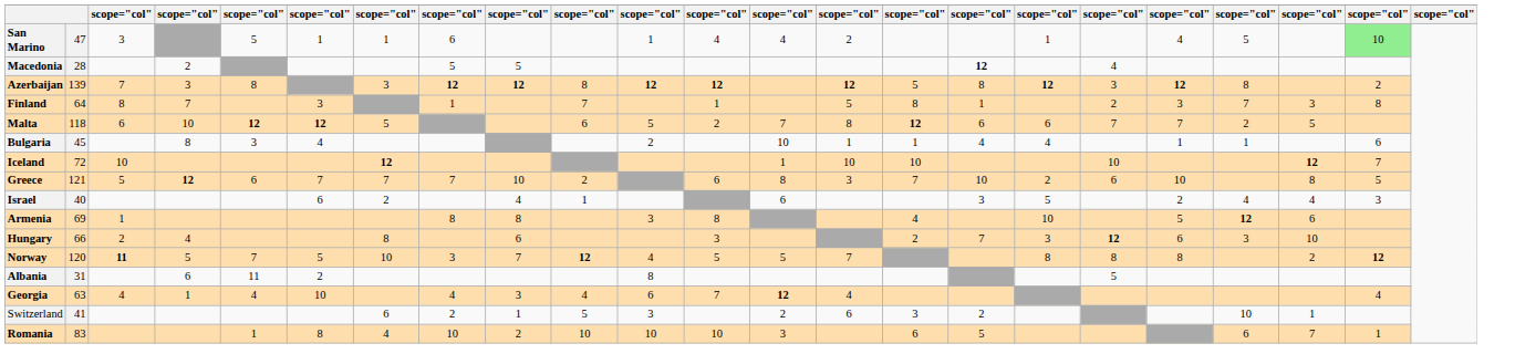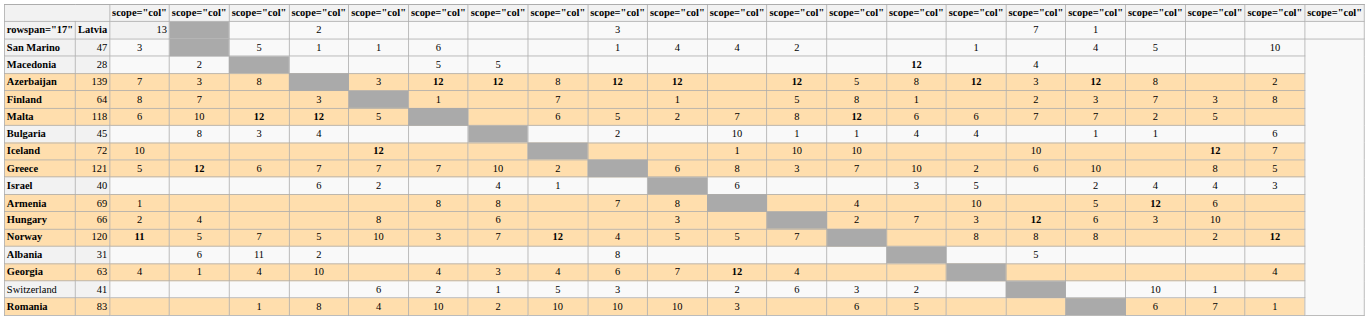 <table class="wikitable plainrowheaders" style="text-align:center; font-size:85%;">
 <tr>
 </tr>
 <tr>
 <th colspan="2"></th>
 <th>scope="col" </th>
 <th>scope="col" </th>
 <th>scope="col" </th>
 <th>scope="col" </th>
 <th>scope="col" </th>
 <th>scope="col" </th>
 <th>scope="col" </th>
 <th>scope="col" </th>
 <th>scope="col" </th>
 <th>scope="col" </th>
 <th>scope="col" </th>
 <th>scope="col" </th>
 <th>scope="col" </th>
 <th>scope="col" </th>
 <th>scope="col" </th>
 <th>scope="col" </th>
 <th>scope="col" </th>
 <th>scope="col" </th>
 <th>scope="col" </th>
 <th>scope="col" </th>
 <th>scope="col" </th>
 </tr>
 <tr>
+<th>rowspan="17" </th>
+<th scope="row" style="text-align:left; background:#f2f2f2;">Latvia</th>
+<td style="text-align:right; background:#f2f2f2;">13</td>
+<td style="text-align:left; background:#aaa;"></td>
+<td></td>
+<td>2</td>
+<td></td>
+<td></td>
+<td></td>
+<td></td>
+<td>3</td>
+<td></td>
+<td></td>
+<td></td>
+<td></td>
+<td></td>
+<td></td>
+<td>7</td>
+<td>1</td>
+<td></td>
+<td></td>
+<td></td>
+<td></td>
+</tr>
+<tr>
 <th scope="row" style="text-align:left; background:#f2f2f2;">San Marino</th>
 <td style="text-align:right; background:#f2f2f2;">47</td>
 <td>3</td>
 <td style="text-align:left; background:#aaa;"></td>
 <td>5</td>
 <td>1</td>
 <td>1</td>
 <td>6</td>
 <td></td>
 <td></td>
 <td>1</td>
 <td>4</td>
 <td>4</td>
 <td>2</td>
 <td></td>
 <td></td>
 <td>1</td>
 <td></td>
 <td>4</td>
 <td>5</td>
 <td></td>
-<td style="background: lightgreen;">10</td>
+<td>10</td>
 </tr>
 <tr>
 <th scope="row" style="text-align:left; background:#f2f2f2;">Macedonia</th>
 <td style="text-align:right; background:#f2f2f2;">28</td>
 <td></td>
 <td>2</td>
 <td style="text-align:left; background:#aaa;"></td>
 <td></td>
 <td></td>
 <td>5</td>
 <td>5</td>
 <td></td>
 <td></td>
 <td></td>
 <td></td>
 <td></td>
 <td></td>
 <td><strong>12</strong></td>
 <td></td>
 <td>4</td>
 <td></td>
 <td></td>
 <td></td>
 <td></td>
 </tr>
 <tr style="background:#ffdead;">
 <th scope="row" style="text-align:left; font-weight:bold; background:#ffdead;">Azerbaijan</th>
 <td style="text-align:right;">139</td>
 <td>7</td>
 <td>3</td>
 <td>8</td>
 <td style="text-align:left; background:#aaa;"></td>
 <td>3</td>
 <td><strong>12</strong></td>
 <td><strong>12</strong></td>
 <td>8</td>
 <td><strong>12</strong></td>
 <td><strong>12</strong></td>
 <td></td>
 <td><strong>12</strong></td>
 <td>5</td>
 <td>8</td>
 <td><strong>12</strong></td>
 <td>3</td>
 <td><strong>12</strong></td>
 <td>8</td>
 <td></td>
 <td>2</td>
 </tr>
 <tr style="background:#ffdead;">
 <th scope="row" style="text-align:left; font-weight:bold; background:#ffdead;">Finland</th>
 <td style="text-align:right;">64</td>
 <td>8</td>
 <td>7</td>
 <td></td>
 <td>3</td>
 <td style="text-align:left; background:#aaa;"></td>
 <td>1</td>
 <td></td>
 <td>7</td>
 <td></td>
 <td>1</td>
 <td></td>
 <td>5</td>
 <td>8</td>
 <td>1</td>
 <td></td>
 <td>2</td>
 <td>3</td>
 <td>7</td>
 <td>3</td>
 <td>8</td>
 </tr>
 <tr style="background:#ffdead;">
 <th scope="row" style="text-align:left; font-weight:bold; background:#ffdead;">Malta</th>
 <td style="text-align:right;">118</td>
 <td>6</td>
 <td>10</td>
 <td><strong>12</strong></td>
 <td><strong>12</strong></td>
 <td>5</td>
 <td style="text-align:left; background:#aaa;"></td>
 <td></td>
 <td>6</td>
 <td>5</td>
 <td>2</td>
 <td>7</td>
 <td>8</td>
 <td><strong>12</strong></td>
 <td>6</td>
 <td>6</td>
 <td>7</td>
 <td>7</td>
 <td>2</td>
 <td>5</td>
 <td></td>
 </tr>
 <tr>
 <th scope="row" style="text-align:left; background:#f2f2f2;">Bulgaria</th>
 <td style="text-align:right; background:#f2f2f2;">45</td>
 <td></td>
 <td>8</td>
 <td>3</td>
 <td>4</td>
 <td></td>
 <td></td>
 <td style="text-align:left; background:#aaa;"></td>
 <td></td>
 <td>2</td>
 <td></td>
 <td>10</td>
 <td>1</td>
 <td>1</td>
 <td>4</td>
 <td>4</td>
 <td></td>
 <td>1</td>
 <td>1</td>
 <td></td>
 <td>6</td>
 </tr>
 <tr style="background:#ffdead;">
 <th scope="row" style="text-align:left; font-weight:bold; background:#ffdead;">Iceland</th>
 <td style="text-align:right;">72</td>
 <td>10</td>
 <td></td>
 <td></td>
 <td></td>
 <td><strong>12</strong></td>
 <td></td>
 <td></td>
 <td style="text-align:left; background:#aaa;"></td>
 <td></td>
 <td></td>
 <td>1</td>
 <td>10</td>
 <td>10</td>
 <td></td>
 <td></td>
 <td>10</td>
 <td></td>
 <td></td>
 <td><strong>12</strong></td>
 <td>7</td>
 </tr>
 <tr style="background:#ffdead;">
 <th scope="row" style="text-align:left; font-weight:bold; background:#ffdead;">Greece</th>
 <td style="text-align:right;">121</td>
 <td>5</td>
 <td><strong>12</strong></td>
 <td>6</td>
 <td>7</td>
 <td>7</td>
 <td>7</td>
 <td>10</td>
 <td>2</td>
 <td style="text-align:left; background:#aaa;"></td>
 <td>6</td>
 <td>8</td>
 <td>3</td>
 <td>7</td>
 <td>10</td>
 <td>2</td>
 <td>6</td>
 <td>10</td>
 <td></td>
 <td>8</td>
 <td>5</td>
 </tr>
 <tr>
 <th scope="row" style="text-align:left; background:#f2f2f2;">Israel</th>
 <td style="text-align:right; background:#f2f2f2;">40</td>
 <td></td>
 <td></td>
 <td></td>
 <td>6</td>
 <td>2</td>
 <td></td>
 <td>4</td>
 <td>1</td>
 <td></td>
 <td style="text-align:left; background:#aaa;"></td>
 <td>6</td>
 <td></td>
 <td></td>
 <td>3</td>
 <td>5</td>
 <td></td>
 <td>2</td>
 <td>4</td>
 <td>4</td>
 <td>3</td>
 </tr>
 <tr style="background:#ffdead;">
 <th scope="row" style="text-align:left; font-weight:bold; background:#ffdead;">Armenia</th>
 <td style="text-align:right;">69</td>
 <td>1</td>
 <td></td>
 <td></td>
 <td></td>
 <td></td>
 <td>8</td>
 <td>8</td>
 <td></td>
-<td>3</td>
+<td>7</td>
 <td>8</td>
 <td style="text-align:left; background:#aaa;"></td>
 <td></td>
 <td>4</td>
 <td></td>
 <td>10</td>
 <td></td>
 <td>5</td>
 <td><strong>12</strong></td>
 <td>6</td>
 <td></td>
 </tr>
 <tr style="background:#ffdead;">
 <th scope="row" style="text-align:left; font-weight:bold; background:#ffdead;">Hungary</th>
 <td style="text-align:right;">66</td>
 <td>2</td>
 <td>4</td>
 <td></td>
 <td></td>
 <td>8</td>
 <td></td>
 <td>6</td>
 <td></td>
 <td></td>
 <td>3</td>
 <td></td>
 <td style="text-align:left; background:#aaa;"></td>
 <td>2</td>
 <td>7</td>
 <td>3</td>
 <td><strong>12</strong></td>
 <td>6</td>
 <td>3</td>
 <td>10</td>
 <td></td>
 </tr>
 <tr style="background:#ffdead;">
 <th scope="row" style="text-align:left; font-weight:bold; background:#ffdead;">Norway</th>
 <td style="text-align:right;">120</td>
 <td><strong>11</strong></td>
 <td>5</td>
 <td>7</td>
 <td>5</td>
 <td>10</td>
 <td>3</td>
 <td>7</td>
 <td><strong>12</strong></td>
 <td>4</td>
 <td>5</td>
 <td>5</td>
 <td>7</td>
 <td style="text-align:left; background:#aaa;"></td>
 <td></td>
 <td>8</td>
 <td>8</td>
 <td>8</td>
 <td></td>
 <td>2</td>
 <td><strong>12</strong></td>
 </tr>
 <tr>
 <th scope="row" style="text-align:left; background:#f2f2f2;">Albania</th>
 <td style="text-align:right; background:#f2f2f2;">31</td>
 <td></td>
 <td>6</td>
 <td>11</td>
 <td>2</td>
 <td></td>
 <td></td>
 <td></td>
 <td></td>
 <td>8</td>
 <td></td>
 <td></td>
 <td></td>
 <td></td>
 <td style="text-align:left; background:#aaa;"></td>
 <td></td>
 <td>5</td>
 <td></td>
 <td></td>
 <td></td>
 <td></td>
 </tr>
 <tr style="background:#ffdead;">
 <th scope="row" style="text-align:left; font-weight:bold; background:#ffdead;">Georgia</th>
 <td style="text-align:right;">63</td>
 <td>4</td>
 <td>1</td>
 <td>4</td>
 <td>10</td>
 <td></td>
 <td>4</td>
 <td>3</td>
 <td>4</td>
 <td>6</td>
 <td>7</td>
 <td><strong>12</strong></td>
 <td>4</td>
 <td></td>
 <td></td>
 <td style="text-align:left; background:#aaa;"></td>
 <td></td>
 <td></td>
 <td></td>
 <td></td>
 <td>4</td>
 </tr>
 <tr>
 <td style="text-align:left; background:#f2f2f2;">Switzerland</td>
 <td style="text-align:right; background:#f2f2f2;">41</td>
 <td></td>
 <td></td>
 <td></td>
 <td></td>
 <td>6</td>
 <td>2</td>
 <td>1</td>
 <td>5</td>
 <td>3</td>
 <td></td>
 <td>2</td>
 <td>6</td>
 <td>3</td>
 <td>2</td>
 <td></td>
 <td style="text-align:left; background:#aaa;"></td>
 <td></td>
 <td>10</td>
 <td>1</td>
 <td></td>
 </tr>
 <tr style="background:#ffdead;">
 <th scope="row" style="text-align:left; font-weight:bold; background:#ffdead;">Romania</th>
 <td style="text-align:right;">83</td>
 <td></td>
 <td></td>
 <td>1</td>
 <td>8</td>
 <td>4</td>
 <td>10</td>
 <td>2</td>
 <td>10</td>
 <td>10</td>
 <td>10</td>
 <td>3</td>
 <td></td>
 <td>6</td>
 <td>5</td>
 <td></td>
 <td></td>
 <td style="text-align:left; background:#aaa;"></td>
 <td>6</td>
 <td>7</td>
 <td>1</td>
 </tr>
 </table>
